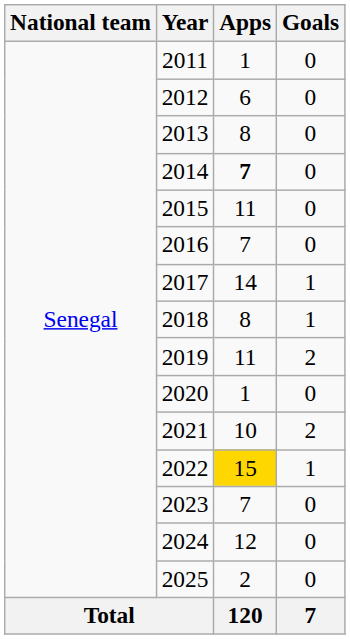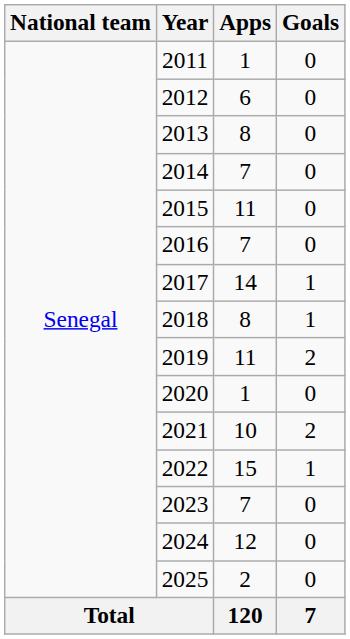 <table class=wikitable style="text-align: center;">
 <tr>
 <th>National team</th>
 <th>Year</th>
 <th>Apps</th>
 <th>Goals</th>
 </tr>
 <tr>
 <td rowspan="15"><a href='#'>Senegal</a></td>
 <td>2011</td>
 <td>1</td>
 <td>0</td>
 </tr>
 <tr>
 <td>2012</td>
 <td>6</td>
 <td>0</td>
 </tr>
 <tr>
 <td>2013</td>
 <td>8</td>
 <td>0</td>
 </tr>
 <tr>
 <td>2014</td>
-<td><strong>7</strong></td>
+<td>7</td>
 <td>0</td>
 </tr>
 <tr>
 <td>2015</td>
 <td>11</td>
 <td>0</td>
 </tr>
 <tr>
 <td>2016</td>
 <td>7</td>
 <td>0</td>
 </tr>
 <tr>
 <td>2017</td>
 <td>14</td>
 <td>1</td>
 </tr>
 <tr>
 <td>2018</td>
 <td>8</td>
 <td>1</td>
 </tr>
 <tr>
 <td>2019</td>
 <td>11</td>
 <td>2</td>
 </tr>
 <tr>
 <td>2020</td>
 <td>1</td>
 <td>0</td>
 </tr>
 <tr>
 <td>2021</td>
 <td>10</td>
 <td>2</td>
 </tr>
 <tr>
 <td>2022</td>
-<td style="background: gold;">15</td>
+<td>15</td>
 <td>1</td>
 </tr>
 <tr>
 <td>2023</td>
 <td>7</td>
 <td>0</td>
 </tr>
 <tr>
 <td>2024</td>
 <td>12</td>
 <td>0</td>
 </tr>
 <tr>
 <td>2025</td>
 <td>2</td>
 <td>0</td>
 </tr>
 <tr>
 <th colspan="2">Total</th>
 <th>120</th>
 <th>7</th>
 </tr>
 </table>
